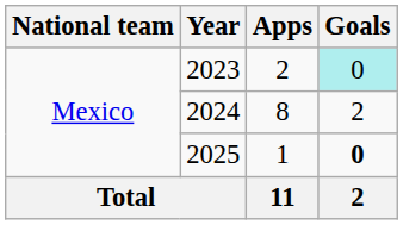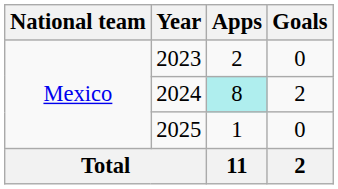 <table class="wikitable" style="text-align:center">
 <tr>
 <th>National team</th>
 <th>Year</th>
 <th>Apps</th>
 <th>Goals</th>
 </tr>
 <tr>
 <td rowspan="3"><a href='#'>Mexico</a></td>
 <td>2023</td>
 <td>2</td>
-<td style="background: paleturquoise;">0</td>
+<td>0</td>
 </tr>
 <tr>
 <td>2024</td>
-<td>8</td>
+<td style="background: paleturquoise;">8</td>
 <td>2</td>
 </tr>
 <tr>
 <td>2025</td>
 <td>1</td>
-<td><strong>0</strong></td>
+<td>0</td>
 </tr>
 <tr>
 <th colspan="2">Total</th>
 <th>11</th>
 <th>2</th>
 </tr>
 </table>
